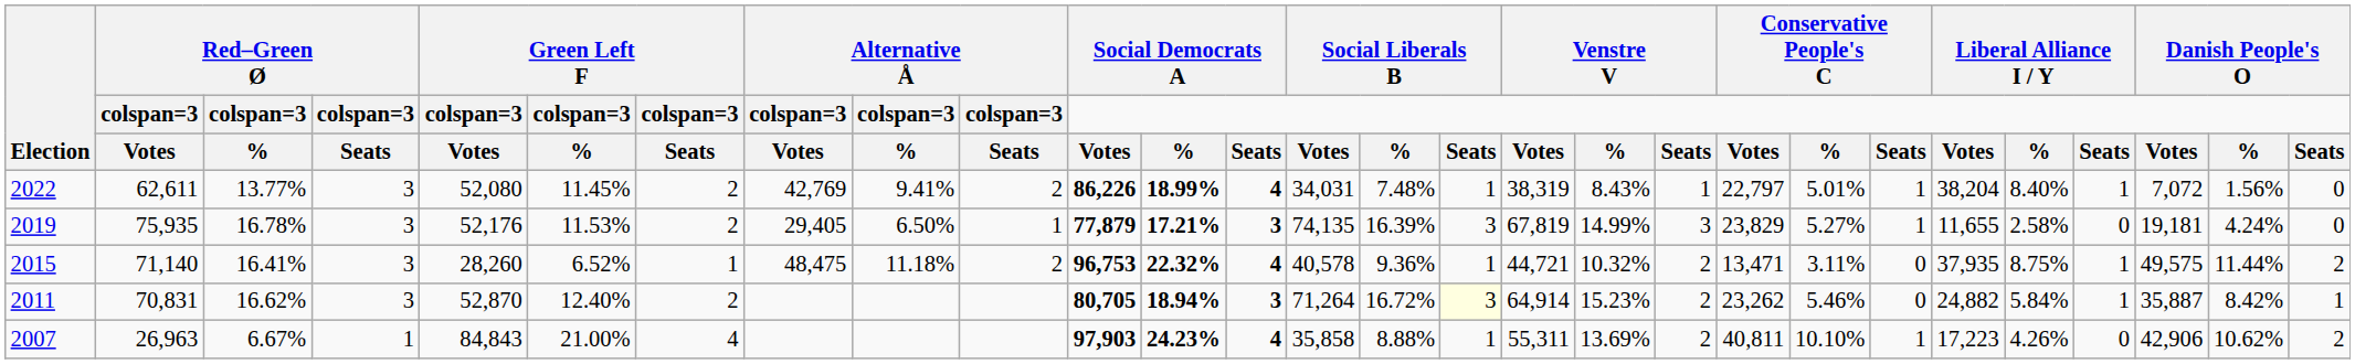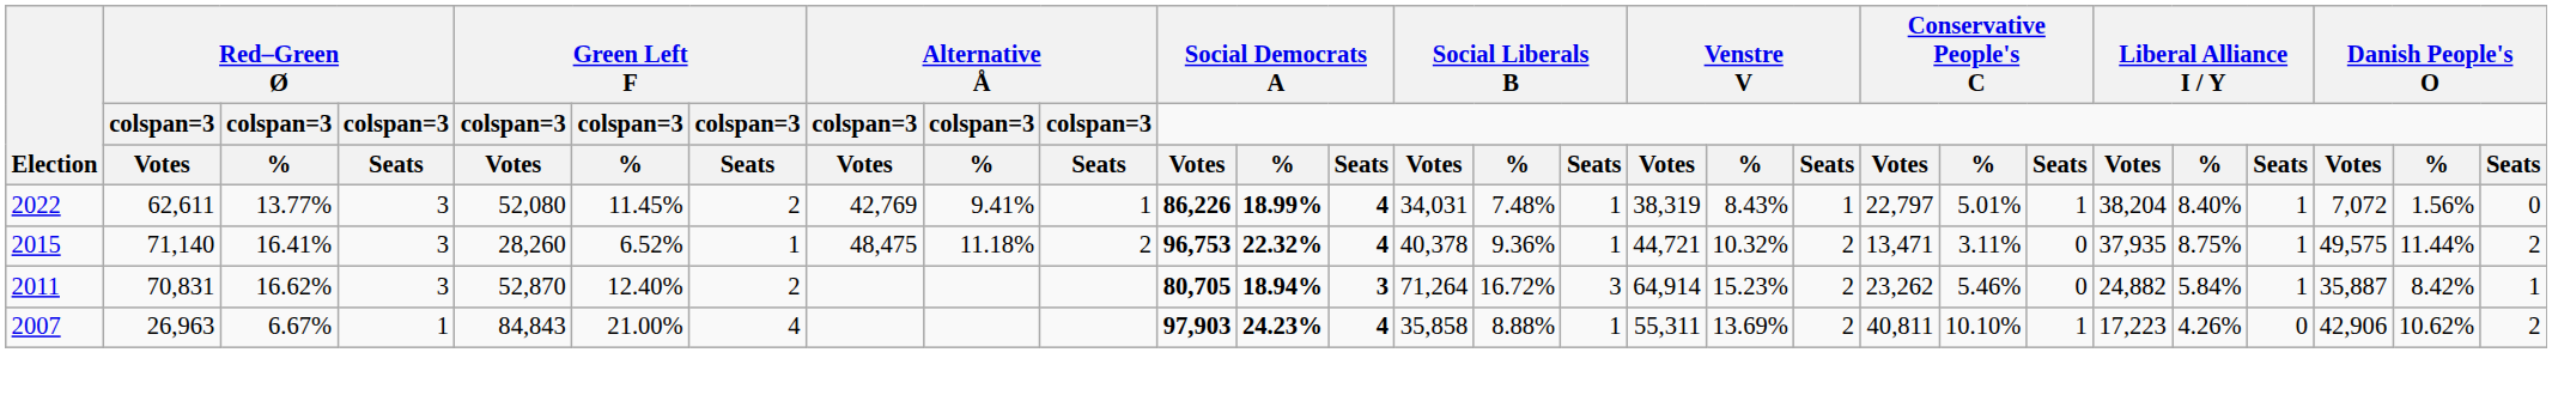 <table class="wikitable" border="1" style="font-size:85%; text-align:right;">
 <tr>
 <th style="text-align:left;" valign=bottom rowspan=3>Election</th>
 <th valign=bottom colspan=3><a href='#'>Red–Green</a><br>Ø</th>
 <th valign=bottom colspan=3><a href='#'>Green Left</a><br>F</th>
 <th valign=bottom colspan=3><a href='#'>Alternative</a><br>Å</th>
 <th valign=bottom colspan=3><a href='#'>Social Democrats</a><br>A</th>
 <th valign=bottom colspan=3><a href='#'>Social Liberals</a><br>B</th>
 <th valign=bottom colspan=3><a href='#'>Venstre</a><br>V</th>
 <th valign=bottom colspan=3><a href='#'>Conservative People's</a><br>C</th>
 <th valign=bottom colspan=3><a href='#'>Liberal Alliance</a><br>I / Y</th>
 <th valign=bottom colspan=3><a href='#'>Danish People's</a><br>O</th>
 </tr>
 <tr>
 <th>colspan=3 </th>
 <th>colspan=3 </th>
 <th>colspan=3 </th>
 <th>colspan=3 </th>
 <th>colspan=3 </th>
 <th>colspan=3 </th>
 <th>colspan=3 </th>
 <th>colspan=3 </th>
 <th>colspan=3 </th>
 </tr>
 <tr>
 <th>Votes</th>
 <th>%</th>
 <th>Seats</th>
 <th>Votes</th>
 <th>%</th>
 <th>Seats</th>
 <th>Votes</th>
 <th>%</th>
 <th>Seats</th>
 <th>Votes</th>
 <th>%</th>
 <th>Seats</th>
 <th>Votes</th>
 <th>%</th>
 <th>Seats</th>
 <th>Votes</th>
 <th>%</th>
 <th>Seats</th>
 <th>Votes</th>
 <th>%</th>
 <th>Seats</th>
 <th>Votes</th>
 <th>%</th>
 <th>Seats</th>
 <th>Votes</th>
 <th>%</th>
 <th>Seats</th>
 </tr>
 <tr>
 <td align=left><a href='#'>2022</a></td>
 <td>62,611</td>
 <td>13.77%</td>
 <td>3</td>
 <td>52,080</td>
 <td>11.45%</td>
 <td>2</td>
 <td>42,769</td>
 <td>9.41%</td>
-<td>2</td>
+<td>1</td>
 <td><strong>86,226</strong></td>
 <td><strong>18.99%</strong></td>
 <td><strong>4</strong></td>
 <td>34,031</td>
 <td>7.48%</td>
 <td>1</td>
 <td>38,319</td>
 <td>8.43%</td>
 <td>1</td>
 <td>22,797</td>
 <td>5.01%</td>
 <td>1</td>
 <td>38,204</td>
 <td>8.40%</td>
 <td>1</td>
 <td>7,072</td>
 <td>1.56%</td>
 <td>0</td>
 </tr>
 <tr>
-<td align=left><a href='#'>2019</a></td>
-<td>75,935</td>
-<td>16.78%</td>
-<td>3</td>
-<td>52,176</td>
-<td>11.53%</td>
-<td>2</td>
-<td>29,405</td>
-<td>6.50%</td>
-<td>1</td>
-<td><strong>77,879</strong></td>
-<td><strong>17.21%</strong></td>
-<td><strong>3</strong></td>
-<td>74,135</td>
-<td>16.39%</td>
-<td>3</td>
-<td>67,819</td>
-<td>14.99%</td>
-<td>3</td>
-<td>23,829</td>
-<td>5.27%</td>
-<td>1</td>
-<td>11,655</td>
-<td>2.58%</td>
-<td>0</td>
-<td>19,181</td>
-<td>4.24%</td>
-<td>0</td>
-</tr>
-<tr>
 <td align=left><a href='#'>2015</a></td>
 <td>71,140</td>
 <td>16.41%</td>
 <td>3</td>
 <td>28,260</td>
 <td>6.52%</td>
 <td>1</td>
 <td>48,475</td>
 <td>11.18%</td>
 <td>2</td>
 <td><strong>96,753</strong></td>
 <td><strong>22.32%</strong></td>
 <td><strong>4</strong></td>
-<td>40,578</td>
+<td>40,378</td>
 <td>9.36%</td>
 <td>1</td>
 <td>44,721</td>
 <td>10.32%</td>
 <td>2</td>
 <td>13,471</td>
 <td>3.11%</td>
 <td>0</td>
 <td>37,935</td>
 <td>8.75%</td>
 <td>1</td>
 <td>49,575</td>
 <td>11.44%</td>
 <td>2</td>
 </tr>
 <tr>
 <td align=left><a href='#'>2011</a></td>
 <td>70,831</td>
 <td>16.62%</td>
 <td>3</td>
 <td>52,870</td>
 <td>12.40%</td>
 <td>2</td>
 <td></td>
 <td></td>
 <td></td>
 <td><strong>80,705</strong></td>
 <td><strong>18.94%</strong></td>
 <td><strong>3</strong></td>
 <td>71,264</td>
 <td>16.72%</td>
-<td style="background: lightyellow;">3</td>
+<td>3</td>
 <td>64,914</td>
 <td>15.23%</td>
 <td>2</td>
 <td>23,262</td>
 <td>5.46%</td>
 <td>0</td>
 <td>24,882</td>
 <td>5.84%</td>
 <td>1</td>
 <td>35,887</td>
 <td>8.42%</td>
 <td>1</td>
 </tr>
 <tr>
 <td align=left><a href='#'>2007</a></td>
 <td>26,963</td>
 <td>6.67%</td>
 <td>1</td>
 <td>84,843</td>
 <td>21.00%</td>
 <td>4</td>
 <td></td>
 <td></td>
 <td></td>
 <td><strong>97,903</strong></td>
 <td><strong>24.23%</strong></td>
 <td><strong>4</strong></td>
 <td>35,858</td>
 <td>8.88%</td>
 <td>1</td>
 <td>55,311</td>
 <td>13.69%</td>
 <td>2</td>
 <td>40,811</td>
 <td>10.10%</td>
 <td>1</td>
 <td>17,223</td>
 <td>4.26%</td>
 <td>0</td>
 <td>42,906</td>
 <td>10.62%</td>
 <td>2</td>
 </tr>
 </table>
